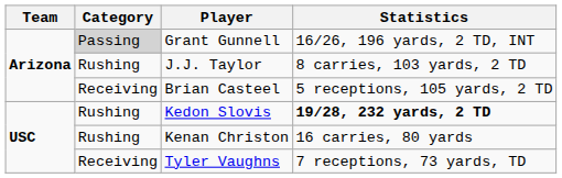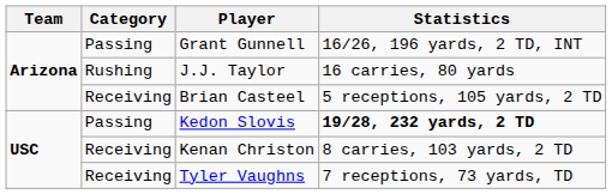 <table class="wikitable" style="float: right;">
 <tr>
 <th>Team</th>
 <th>Category</th>
 <th>Player</th>
 <th>Statistics</th>
 </tr>
 <tr>
 <td rowspan=3><strong>Arizona</strong></td>
-<td style="background: lightgrey;">Passing</td>
+<td>Passing</td>
 <td>Grant Gunnell</td>
 <td>16/26, 196 yards, 2 TD, INT</td>
 </tr>
 <tr>
 <td>Rushing</td>
 <td>J.J. Taylor</td>
-<td>8 carries, 103 yards, 2 TD</td>
+<td>16 carries, 80 yards</td>
 </tr>
 <tr>
 <td>Receiving</td>
 <td>Brian Casteel</td>
 <td>5 receptions, 105 yards, 2 TD</td>
 </tr>
 <tr>
 <td rowspan=3><strong>USC</strong></td>
-<td>Rushing</td>
+<td>Passing</td>
 <td><a href='#'>Kedon Slovis</a></td>
 <td><strong>19/28, 232 yards, 2 TD</strong></td>
 </tr>
 <tr>
-<td>Rushing</td>
+<td>Receiving</td>
 <td>Kenan Christon</td>
-<td>16 carries, 80 yards</td>
+<td>8 carries, 103 yards, 2 TD</td>
 </tr>
 <tr>
 <td>Receiving</td>
 <td><a href='#'>Tyler Vaughns</a></td>
 <td>7 receptions, 73 yards, TD</td>
 </tr>
 </table>
